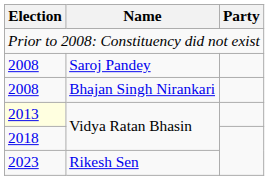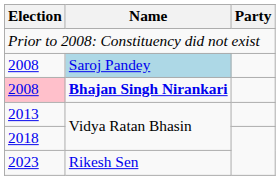 <table class="wikitable sortable">
 <tr>
 <th>Election</th>
 <th>Name</th>
 <th colspan=2>Party</th>
 </tr>
 <tr>
 <td colspan=4><em>Prior to 2008: Constituency did not exist</em></td>
 </tr>
 <tr>
 <td><a href='#'>2008</a></td>
-<td><a href='#'>Saroj Pandey</a></td>
+<td style="background: lightblue;"><a href='#'>Saroj Pandey</a></td>
 <td></td>
 </tr>
 <tr>
-<td><a href='#'>2008</a></td>
-<td><a href='#'>Bhajan Singh Nirankari</a></td>
+<td style="background: pink;"><a href='#'>2008</a></td>
+<td><strong><a href='#'>Bhajan Singh Nirankari</a></strong></td>
 <td></td>
 </tr>
 <tr>
-<td style="background: lightyellow;"><a href='#'>2013</a></td>
+<td><a href='#'>2013</a></td>
 <td rowspan=2>Vidya Ratan Bhasin</td>
 <td></td>
 </tr>
 <tr>
 <td><a href='#'>2018</a></td>
 </tr>
 <tr>
 <td><a href='#'>2023</a></td>
 <td><a href='#'>Rikesh Sen</a></td>
 </tr>
 </table>
